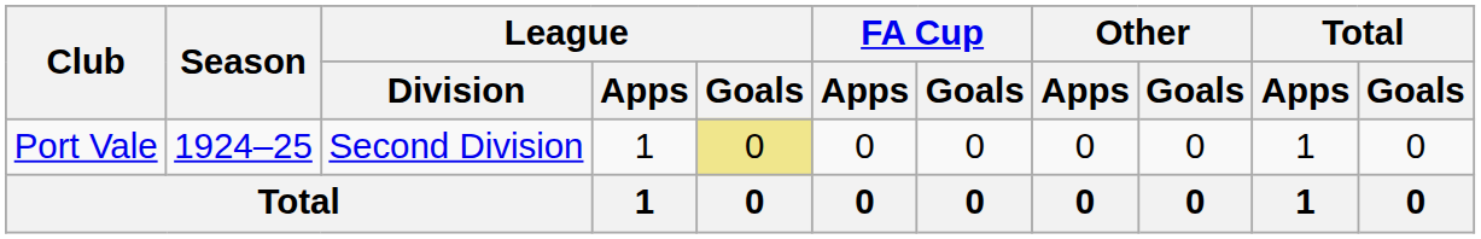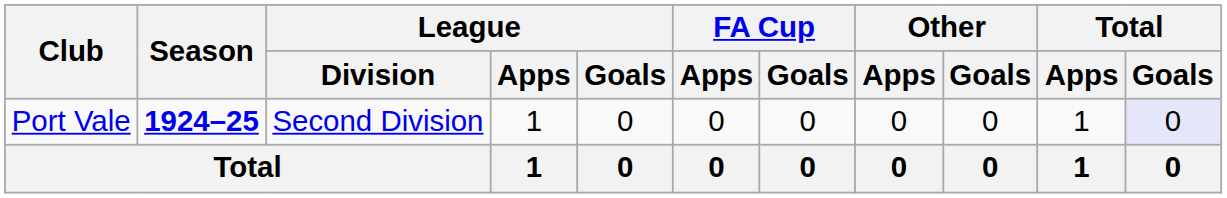 <table class="wikitable" style="text-align:center">
 <tr>
 <th rowspan="2">Club</th>
 <th rowspan="2">Season</th>
 <th colspan="3">League</th>
 <th colspan="2"><a href='#'>FA Cup</a></th>
 <th colspan="2">Other</th>
 <th colspan="2">Total</th>
 </tr>
 <tr>
 <th>Division</th>
 <th>Apps</th>
 <th>Goals</th>
 <th>Apps</th>
 <th>Goals</th>
 <th>Apps</th>
 <th>Goals</th>
 <th>Apps</th>
 <th>Goals</th>
 </tr>
 <tr>
 <td><a href='#'>Port Vale</a></td>
-<td><a href='#'>1924–25</a></td>
+<td><strong><a href='#'>1924–25</a></strong></td>
 <td><a href='#'>Second Division</a></td>
 <td>1</td>
-<td style="background: khaki;">0</td>
+<td>0</td>
 <td>0</td>
 <td>0</td>
 <td>0</td>
 <td>0</td>
 <td>1</td>
-<td>0</td>
+<td style="background: lavender;">0</td>
 </tr>
 <tr>
 <th colspan="3">Total</th>
 <th>1</th>
 <th>0</th>
 <th>0</th>
 <th>0</th>
 <th>0</th>
 <th>0</th>
 <th>1</th>
 <th>0</th>
 </tr>
 </table>
